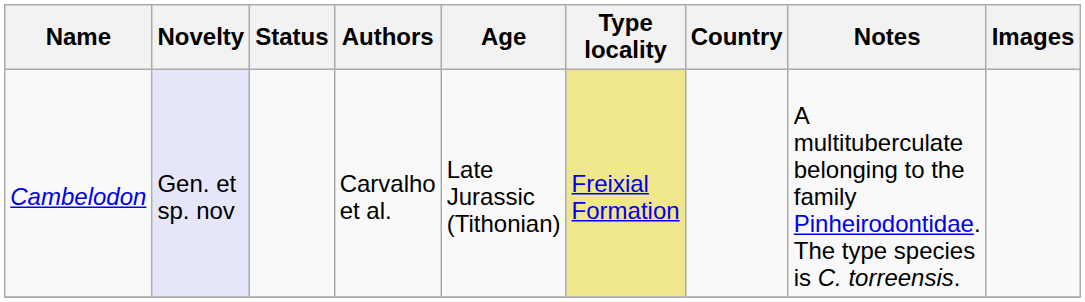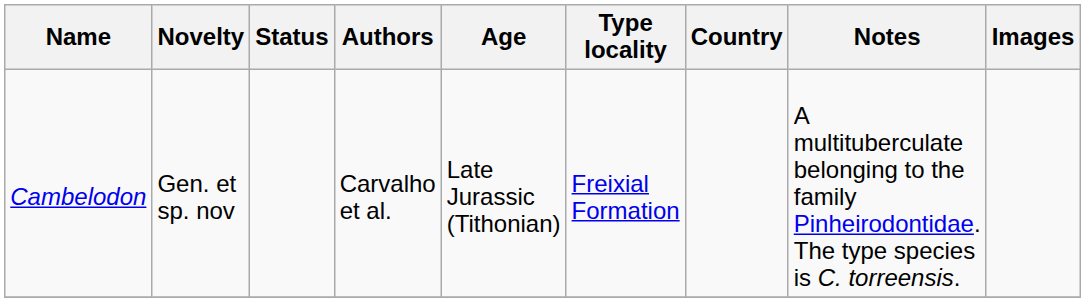 <table class="wikitable sortable" align="center" width="100%">
 <tr>
 <th>Name</th>
 <th>Novelty</th>
 <th>Status</th>
 <th>Authors</th>
 <th>Age</th>
 <th>Type locality</th>
 <th>Country</th>
 <th>Notes</th>
 <th>Images</th>
 </tr>
 <tr>
 <td><br><em><a href='#'>Cambelodon</a></em></td>
-<td style="background: lavender;"><br>Gen. et sp. nov</td>
+<td><br>Gen. et sp. nov</td>
 <td></td>
 <td><br>Carvalho et al.</td>
 <td><br>Late Jurassic (Tithonian)</td>
-<td style="background: khaki;"><br><a href='#'>Freixial Formation</a></td>
+<td><br><a href='#'>Freixial Formation</a></td>
 <td><br></td>
 <td><br>A multituberculate belonging to the family <a href='#'>Pinheirodontidae</a>. The type species is <em>C. torreensis</em>.</td>
 <td></td>
 </tr>
 <tr>
 </tr>
 </table>
